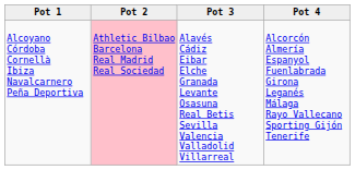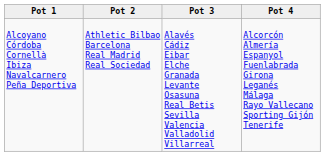 <table class="wikitable" style="font-size:90%">
 <tr bgcolor=#efefef align=center>
 <td width=25%><strong>Pot 1</strong><br></td>
 <td width=25%><strong>Pot 2</strong><br></td>
 <td width=25%><strong>Pot 3</strong><br></td>
 <td width=25%><strong>Pot 4</strong><br></td>
 </tr>
 <tr valign=top>
 <td><br><a href='#'>Alcoyano</a><br> <a href='#'>Córdoba</a><br> <a href='#'>Cornellà</a><br> <a href='#'>Ibiza</a><br> <a href='#'>Navalcarnero</a><br> <a href='#'>Peña Deportiva</a></td>
-<td style="background: pink;"><br><a href='#'>Athletic Bilbao</a><br> <a href='#'>Barcelona</a><br> <a href='#'>Real Madrid</a><br> <a href='#'>Real Sociedad</a></td>
+<td><br><a href='#'>Athletic Bilbao</a><br> <a href='#'>Barcelona</a><br> <a href='#'>Real Madrid</a><br> <a href='#'>Real Sociedad</a></td>
 <td><br><a href='#'>Alavés</a><br> <a href='#'>Cádiz</a><br> <a href='#'>Eibar</a><br> <a href='#'>Elche</a><br> <a href='#'>Granada</a><br> <a href='#'>Levante</a><br> <a href='#'>Osasuna</a><br> <a href='#'>Real Betis</a><br> <a href='#'>Sevilla</a><br> <a href='#'>Valencia</a><br> <a href='#'>Valladolid</a><br> <a href='#'>Villarreal</a></td>
 <td><br><a href='#'>Alcorcón</a><br> <a href='#'>Almería</a><br> <a href='#'>Espanyol</a><br> <a href='#'>Fuenlabrada</a><br> <a href='#'>Girona</a><br> <a href='#'>Leganés</a><br> <a href='#'>Málaga</a><br> <a href='#'>Rayo Vallecano</a><br> <a href='#'>Sporting Gijón</a><br> <a href='#'>Tenerife</a></td>
 </tr>
 </table>
